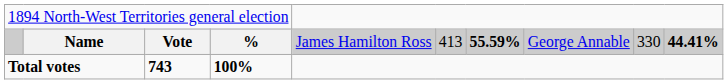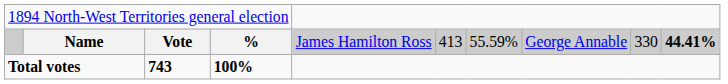 <table class="wikitable">
 <tr>
 <td colspan=4 align=center><a href='#'>1894 North-West Territories general election</a></td>
 </tr>
 <tr bgcolor="CCCCCC">
 <td></td>
 <th>Name</th>
 <th>Vote</th>
 <th>%<br></th>
 <td><a href='#'>James Hamilton Ross</a></td>
 <td>413</td>
-<td><strong>55.59%<br></strong></td>
+<td>55.59%<br></td>
 <td><a href='#'>George Annable</a></td>
 <td>330</td>
 <td><strong>44.41%</strong></td>
 </tr>
 <tr>
 <td colspan=2><strong>Total votes</strong></td>
 <td><strong>743</strong></td>
 <td alignment="left"><strong>100%</strong></td>
 </tr>
 </table>
